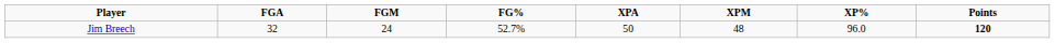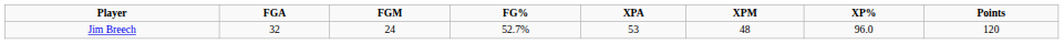 <table class="wikitable" width="80%">
 <tr align="center">
 <td><strong>Player</strong></td>
 <td><strong>FGA</strong></td>
 <td><strong>FGM</strong></td>
 <td><strong>FG%</strong></td>
 <td><strong>XPA</strong></td>
 <td><strong>XPM</strong></td>
 <td><strong>XP%</strong></td>
 <td><strong>Points</strong></td>
 </tr>
 <tr align="center" bgcolor="">
 <td><a href='#'>Jim Breech</a></td>
 <td>32</td>
 <td>24</td>
 <td>52.7%</td>
-<td>50</td>
+<td>53</td>
 <td>48</td>
 <td>96.0</td>
-<td><strong>120</strong></td>
+<td>120</td>
 </tr>
 </table>
